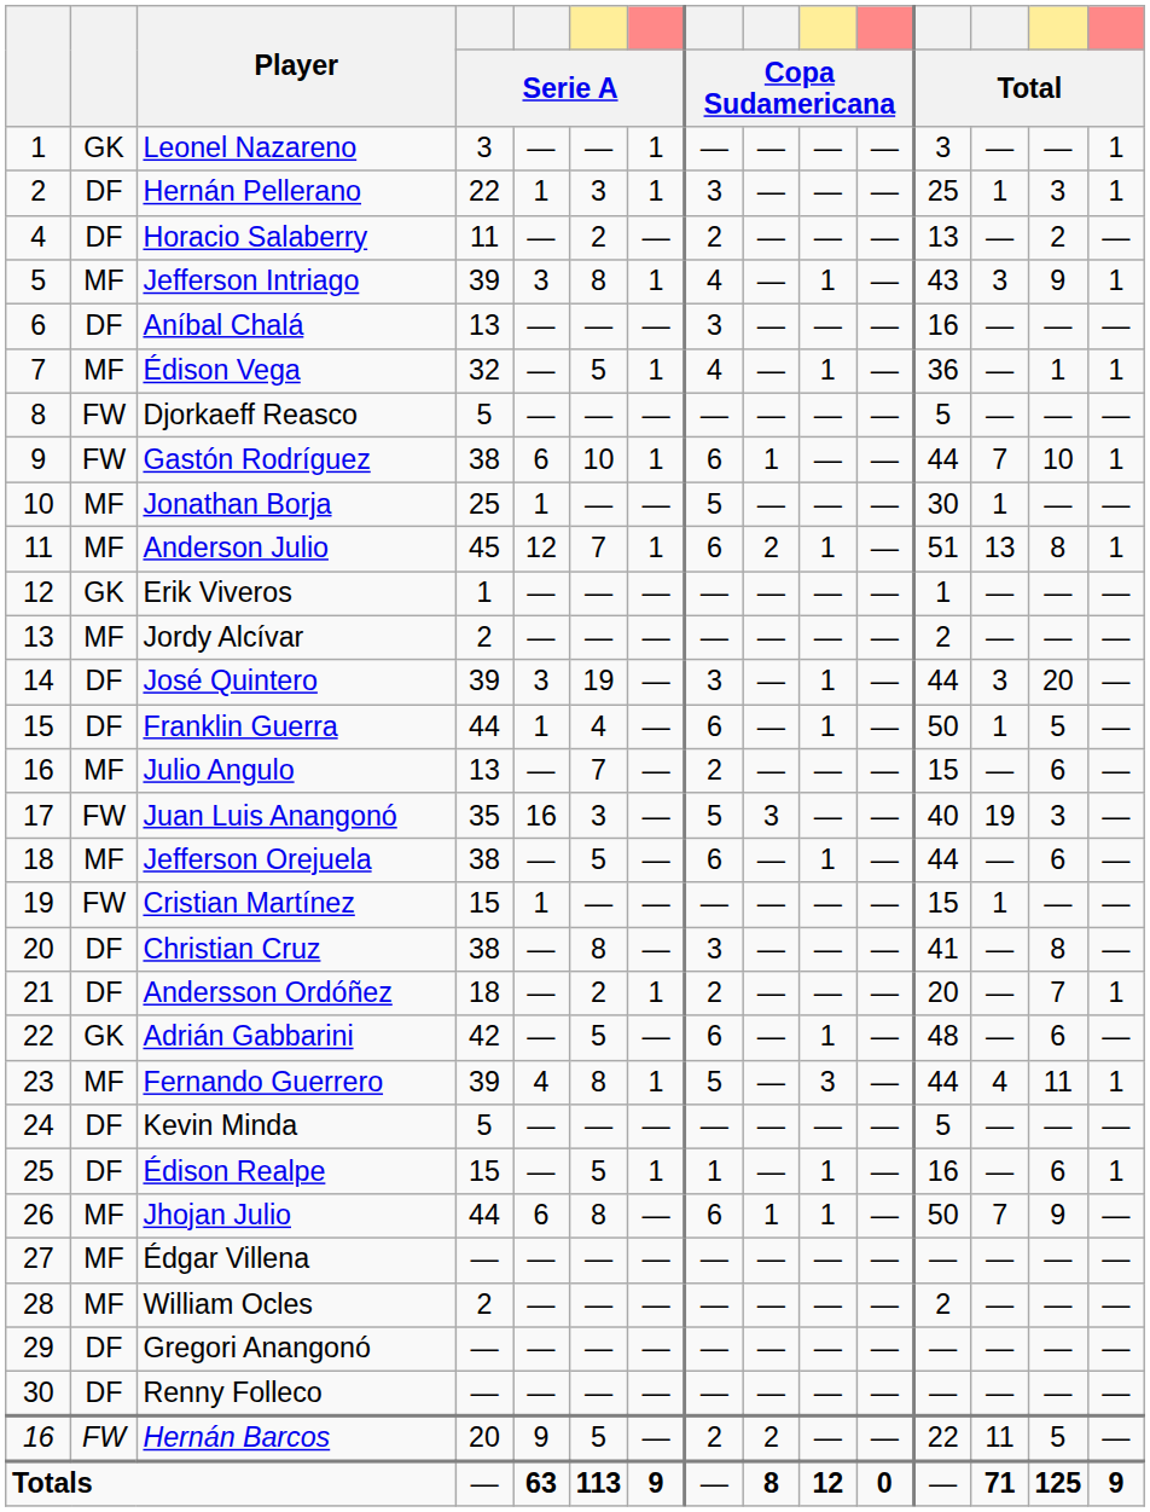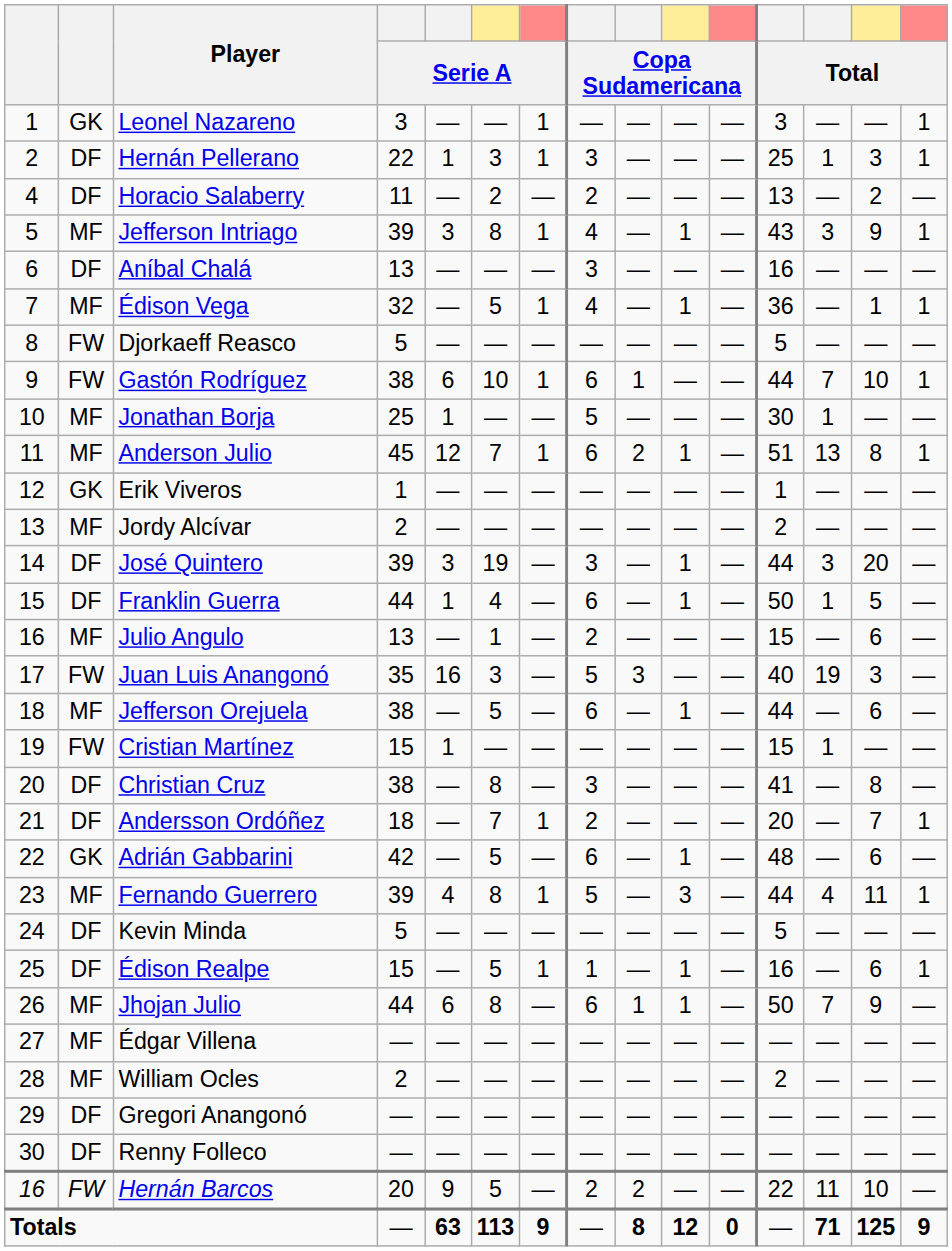 <table class="wikitable sortable" style="text-align: center;">
 <tr>
 <th rowspan="2" width=30 align="center"><br></th>
 <th rowspan="2" width=30 align="center"><br></th>
 <th rowspan="2" width=175 align="center">Player<br></th>
 <th width=25 style="background:"><br></th>
 <th width=25 style="background:"><br></th>
 <th width=25 style="background: #FFEE99"><br></th>
 <th width=25 style="border-right:2px solid grey; background:#FF8888"><br></th>
 <th width=25 style="background:"><br></th>
 <th width=25 style="background:"><br></th>
 <th width=25 style="background: #FFEE99"><br></th>
 <th width=25 style="border-right:2px solid grey; background:#FF8888"><br></th>
 <th width=25 style="background:"><br></th>
 <th width=25 style="background:"><br></th>
 <th width=25 style="background: #FFEE99"><br></th>
 <th width=25 style="background: #FF8888"><br></th>
 </tr>
 <tr class="sortbottom">
 <th colspan="4" style="border-right:2px solid grey;" align="center"><a href='#'>Serie A</a></th>
 <th colspan="4" style="border-right:2px solid grey;" align="center"><a href='#'>Copa<br>Sudamericana</a></th>
 <th colspan="4" align="center">Total</th>
 </tr>
 <tr>
 <td>1</td>
 <td>GK</td>
 <td align=left><a href='#'>Leonel Nazareno</a></td>
 <td>3</td>
 <td>—</td>
 <td>—</td>
 <td>1</td>
 <td style="border-left:2px solid grey">—</td>
 <td>—</td>
 <td>—</td>
 <td>—</td>
 <td style="border-left:2px solid grey">3</td>
 <td>—</td>
 <td>—</td>
 <td>1</td>
 </tr>
 <tr>
 <td>2</td>
 <td>DF</td>
 <td align=left><a href='#'>Hernán Pellerano</a></td>
 <td>22</td>
 <td>1</td>
 <td>3</td>
 <td>1</td>
 <td style="border-left:2px solid grey">3</td>
 <td>—</td>
 <td>—</td>
 <td>—</td>
 <td style="border-left:2px solid grey">25</td>
 <td>1</td>
 <td>3</td>
 <td>1</td>
 </tr>
 <tr>
 <td>4</td>
 <td>DF</td>
 <td align=left><a href='#'>Horacio Salaberry</a></td>
 <td>11</td>
 <td>—</td>
 <td>2</td>
 <td>—</td>
 <td style="border-left:2px solid grey">2</td>
 <td>—</td>
 <td>—</td>
 <td>—</td>
 <td style="border-left:2px solid grey">13</td>
 <td>—</td>
 <td>2</td>
 <td>—</td>
 </tr>
 <tr>
 <td>5</td>
 <td>MF</td>
 <td align=left><a href='#'>Jefferson Intriago</a></td>
 <td>39</td>
 <td>3</td>
 <td>8</td>
 <td>1</td>
 <td style="border-left:2px solid grey">4</td>
 <td>—</td>
 <td>1</td>
 <td>—</td>
 <td style="border-left:2px solid grey">43</td>
 <td>3</td>
 <td>9</td>
 <td>1</td>
 </tr>
 <tr>
 <td>6</td>
 <td>DF</td>
 <td align=left><a href='#'>Aníbal Chalá</a></td>
 <td>13</td>
 <td>—</td>
 <td>—</td>
 <td>—</td>
 <td style="border-left:2px solid grey">3</td>
 <td>—</td>
 <td>—</td>
 <td>—</td>
 <td style="border-left:2px solid grey">16</td>
 <td>—</td>
 <td>—</td>
 <td>—</td>
 </tr>
 <tr>
 <td>7</td>
 <td>MF</td>
 <td align=left><a href='#'>Édison Vega</a></td>
 <td>32</td>
 <td>—</td>
 <td>5</td>
 <td>1</td>
 <td style="border-left:2px solid grey">4</td>
 <td>—</td>
 <td>1</td>
 <td>—</td>
 <td style="border-left:2px solid grey">36</td>
 <td>—</td>
 <td>1</td>
 <td>1</td>
 </tr>
 <tr>
 <td>8</td>
 <td>FW</td>
 <td align=left>Djorkaeff Reasco</td>
 <td>5</td>
 <td>—</td>
 <td>—</td>
 <td>—</td>
 <td style="border-left:2px solid grey">—</td>
 <td>—</td>
 <td>—</td>
 <td>—</td>
 <td style="border-left:2px solid grey">5</td>
 <td>—</td>
 <td>—</td>
 <td>—</td>
 </tr>
 <tr>
 <td>9</td>
 <td>FW</td>
 <td align=left><a href='#'>Gastón Rodríguez</a></td>
 <td>38</td>
 <td>6</td>
 <td>10</td>
 <td>1</td>
 <td style="border-left:2px solid grey">6</td>
 <td>1</td>
 <td>—</td>
 <td>—</td>
 <td style="border-left:2px solid grey">44</td>
 <td>7</td>
 <td>10</td>
 <td>1</td>
 </tr>
 <tr>
 <td>10</td>
 <td>MF</td>
 <td align=left><a href='#'>Jonathan Borja</a></td>
 <td>25</td>
 <td>1</td>
 <td>—</td>
 <td>—</td>
 <td style="border-left:2px solid grey">5</td>
 <td>—</td>
 <td>—</td>
 <td>—</td>
 <td style="border-left:2px solid grey">30</td>
 <td>1</td>
 <td>—</td>
 <td>—</td>
 </tr>
 <tr>
 <td>11</td>
 <td>MF</td>
 <td align=left><a href='#'>Anderson Julio</a></td>
 <td>45</td>
 <td>12</td>
 <td>7</td>
 <td>1</td>
 <td style="border-left:2px solid grey">6</td>
 <td>2</td>
 <td>1</td>
 <td>—</td>
 <td style="border-left:2px solid grey">51</td>
 <td>13</td>
 <td>8</td>
 <td>1</td>
 </tr>
 <tr>
 <td>12</td>
 <td>GK</td>
 <td align=left>Erik Viveros</td>
 <td>1</td>
 <td>—</td>
 <td>—</td>
 <td>—</td>
 <td style="border-left:2px solid grey">—</td>
 <td>—</td>
 <td>—</td>
 <td>—</td>
 <td style="border-left:2px solid grey">1</td>
 <td>—</td>
 <td>—</td>
 <td>—</td>
 </tr>
 <tr>
 <td>13</td>
 <td>MF</td>
 <td align=left>Jordy Alcívar</td>
 <td>2</td>
 <td>—</td>
 <td>—</td>
 <td>—</td>
 <td style="border-left:2px solid grey">—</td>
 <td>—</td>
 <td>—</td>
 <td>—</td>
 <td style="border-left:2px solid grey">2</td>
 <td>—</td>
 <td>—</td>
 <td>—</td>
 </tr>
 <tr>
 <td>14</td>
 <td>DF</td>
 <td align=left><a href='#'>José Quintero</a></td>
 <td>39</td>
 <td>3</td>
 <td>19</td>
 <td>—</td>
 <td style="border-left:2px solid grey">3</td>
 <td>—</td>
 <td>1</td>
 <td>—</td>
 <td style="border-left:2px solid grey">44</td>
 <td>3</td>
 <td>20</td>
 <td>—</td>
 </tr>
 <tr>
 <td>15</td>
 <td>DF</td>
 <td align=left><a href='#'>Franklin Guerra</a></td>
 <td>44</td>
 <td>1</td>
 <td>4</td>
 <td>—</td>
 <td style="border-left:2px solid grey">6</td>
 <td>—</td>
 <td>1</td>
 <td>—</td>
 <td style="border-left:2px solid grey">50</td>
 <td>1</td>
 <td>5</td>
 <td>—</td>
 </tr>
 <tr>
 <td>16</td>
 <td>MF</td>
 <td align=left><a href='#'>Julio Angulo</a></td>
 <td>13</td>
 <td>—</td>
-<td>7</td>
+<td>1</td>
 <td>—</td>
 <td style="border-left:2px solid grey">2</td>
 <td>—</td>
 <td>—</td>
 <td>—</td>
 <td style="border-left:2px solid grey">15</td>
 <td>—</td>
 <td>6</td>
 <td>—</td>
 </tr>
 <tr>
 <td>17</td>
 <td>FW</td>
 <td align=left><a href='#'>Juan Luis Anangonó</a></td>
 <td>35</td>
 <td>16</td>
 <td>3</td>
 <td>—</td>
 <td style="border-left:2px solid grey">5</td>
 <td>3</td>
 <td>—</td>
 <td>—</td>
 <td style="border-left:2px solid grey">40</td>
 <td>19</td>
 <td>3</td>
 <td>—</td>
 </tr>
 <tr>
 <td>18</td>
 <td>MF</td>
 <td align=left><a href='#'>Jefferson Orejuela</a></td>
 <td>38</td>
 <td>—</td>
 <td>5</td>
 <td>—</td>
 <td style="border-left:2px solid grey">6</td>
 <td>—</td>
 <td>1</td>
 <td>—</td>
 <td style="border-left:2px solid grey">44</td>
 <td>—</td>
 <td>6</td>
 <td>—</td>
 </tr>
 <tr>
 <td>19</td>
 <td>FW</td>
 <td align=left><a href='#'>Cristian Martínez</a></td>
 <td>15</td>
 <td>1</td>
 <td>—</td>
 <td>—</td>
 <td style="border-left:2px solid grey">—</td>
 <td>—</td>
 <td>—</td>
 <td>—</td>
 <td style="border-left:2px solid grey">15</td>
 <td>1</td>
 <td>—</td>
 <td>—</td>
 </tr>
 <tr>
 <td>20</td>
 <td>DF</td>
 <td align=left><a href='#'>Christian Cruz</a></td>
 <td>38</td>
 <td>—</td>
 <td>8</td>
 <td>—</td>
 <td style="border-left:2px solid grey">3</td>
 <td>—</td>
 <td>—</td>
 <td>—</td>
 <td style="border-left:2px solid grey">41</td>
 <td>—</td>
 <td>8</td>
 <td>—</td>
 </tr>
 <tr>
 <td>21</td>
 <td>DF</td>
 <td align=left><a href='#'>Andersson Ordóñez</a></td>
 <td>18</td>
 <td>—</td>
-<td>2</td>
+<td>7</td>
 <td>1</td>
 <td style="border-left:2px solid grey">2</td>
 <td>—</td>
 <td>—</td>
 <td>—</td>
 <td style="border-left:2px solid grey">20</td>
 <td>—</td>
 <td>7</td>
 <td>1</td>
 </tr>
 <tr>
 <td>22</td>
 <td>GK</td>
 <td align=left><a href='#'>Adrián Gabbarini</a></td>
 <td>42</td>
 <td>—</td>
 <td>5</td>
 <td>—</td>
 <td style="border-left:2px solid grey">6</td>
 <td>—</td>
 <td>1</td>
 <td>—</td>
 <td style="border-left:2px solid grey">48</td>
 <td>—</td>
 <td>6</td>
 <td>—</td>
 </tr>
 <tr>
 <td>23</td>
 <td>MF</td>
 <td align=left><a href='#'>Fernando Guerrero</a></td>
 <td>39</td>
 <td>4</td>
 <td>8</td>
 <td>1</td>
 <td style="border-left:2px solid grey">5</td>
 <td>—</td>
 <td>3</td>
 <td>—</td>
 <td style="border-left:2px solid grey">44</td>
 <td>4</td>
 <td>11</td>
 <td>1</td>
 </tr>
 <tr>
 <td>24</td>
 <td>DF</td>
 <td align=left>Kevin Minda</td>
 <td>5</td>
 <td>—</td>
 <td>—</td>
 <td>—</td>
 <td style="border-left:2px solid grey">—</td>
 <td>—</td>
 <td>—</td>
 <td>—</td>
 <td style="border-left:2px solid grey">5</td>
 <td>—</td>
 <td>—</td>
 <td>—</td>
 </tr>
 <tr>
 <td>25</td>
 <td>DF</td>
 <td align=left><a href='#'>Édison Realpe</a></td>
 <td>15</td>
 <td>—</td>
 <td>5</td>
 <td>1</td>
 <td style="border-left:2px solid grey">1</td>
 <td>—</td>
 <td>1</td>
 <td>—</td>
 <td style="border-left:2px solid grey">16</td>
 <td>—</td>
 <td>6</td>
 <td>1</td>
 </tr>
 <tr>
 <td>26</td>
 <td>MF</td>
 <td align=left><a href='#'>Jhojan Julio</a></td>
 <td>44</td>
 <td>6</td>
 <td>8</td>
 <td>—</td>
 <td style="border-left:2px solid grey">6</td>
 <td>1</td>
 <td>1</td>
 <td>—</td>
 <td style="border-left:2px solid grey">50</td>
 <td>7</td>
 <td>9</td>
 <td>—</td>
 </tr>
 <tr>
 <td>27</td>
 <td>MF</td>
 <td align=left>Édgar Villena</td>
 <td>—</td>
 <td>—</td>
 <td>—</td>
 <td>—</td>
 <td style="border-left:2px solid grey">—</td>
 <td>—</td>
 <td>—</td>
 <td>—</td>
 <td style="border-left:2px solid grey">—</td>
 <td>—</td>
 <td>—</td>
 <td>—</td>
 </tr>
 <tr>
 <td>28</td>
 <td>MF</td>
 <td align=left>William Ocles</td>
 <td>2</td>
 <td>—</td>
 <td>—</td>
 <td>—</td>
 <td style="border-left:2px solid grey">—</td>
 <td>—</td>
 <td>—</td>
 <td>—</td>
 <td style="border-left:2px solid grey">2</td>
 <td>—</td>
 <td>—</td>
 <td>—</td>
 </tr>
 <tr>
 <td>29</td>
 <td>DF</td>
 <td align=left>Gregori Anangonó</td>
 <td>—</td>
 <td>—</td>
 <td>—</td>
 <td>—</td>
 <td style="border-left:2px solid grey">—</td>
 <td>—</td>
 <td>—</td>
 <td>—</td>
 <td style="border-left:2px solid grey">—</td>
 <td>—</td>
 <td>—</td>
 <td>—</td>
 </tr>
 <tr>
 <td>30</td>
 <td>DF</td>
 <td align=left>Renny Folleco</td>
 <td>—</td>
 <td>—</td>
 <td>—</td>
 <td>—</td>
 <td style="border-left:2px solid grey">—</td>
 <td>—</td>
 <td>—</td>
 <td>—</td>
 <td style="border-left:2px solid grey">—</td>
 <td>—</td>
 <td>—</td>
 <td>—</td>
 </tr>
 <tr>
 </tr>
 <tr style="border-top:2px solid grey">
 <td><em>16</em></td>
 <td><em>FW</em></td>
 <td align=left><em><a href='#'>Hernán Barcos</a></em></td>
 <td>20</td>
 <td>9</td>
 <td>5</td>
 <td>—</td>
 <td style="border-left:2px solid grey">2</td>
 <td>2</td>
 <td>—</td>
 <td>—</td>
 <td style="border-left:2px solid grey">22</td>
 <td>11</td>
-<td>5</td>
+<td>10</td>
 <td>—</td>
 </tr>
 <tr>
 </tr>
 <tr class="sortbottom" style="border-top:2px solid grey">
 <td colspan=3 align=left><strong>Totals</strong></td>
 <td>—</td>
 <td><strong>63</strong></td>
 <td><strong>113</strong></td>
 <td><strong>9</strong></td>
 <td style="border-left:2px solid grey">—</td>
 <td><strong>8</strong></td>
 <td><strong>12</strong></td>
 <td><strong>0</strong></td>
 <td style="border-left:2px solid grey">—</td>
 <td><strong>71</strong></td>
 <td><strong>125</strong></td>
 <td><strong>9</strong></td>
 </tr>
 </table>
